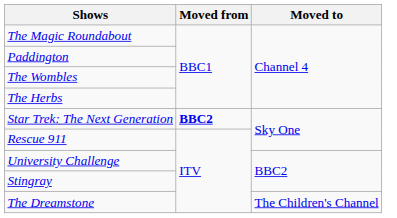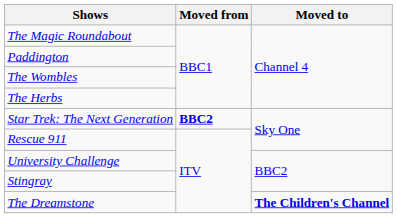 <table class="wikitable">
 <tr>
 <th>Shows</th>
 <th>Moved from</th>
 <th>Moved to</th>
 </tr>
 <tr>
 <td><em><a href='#'>The Magic Roundabout</a></em></td>
 <td rowspan=4><a href='#'>BBC1</a></td>
 <td rowspan=4><a href='#'>Channel 4</a></td>
 </tr>
 <tr>
 <td><em><a href='#'>Paddington</a></em></td>
 </tr>
 <tr>
 <td><em><a href='#'>The Wombles</a></em></td>
 </tr>
 <tr>
 <td><em><a href='#'>The Herbs</a></em></td>
 </tr>
 <tr>
 <td><em><a href='#'>Star Trek: The Next Generation</a></em></td>
 <td><strong><a href='#'>BBC2</a></strong></td>
 <td rowspan=2><a href='#'>Sky One</a></td>
 </tr>
 <tr>
 <td><em><a href='#'>Rescue 911</a></em></td>
 <td rowspan=4><a href='#'>ITV</a></td>
 </tr>
 <tr>
 <td><em><a href='#'>University Challenge</a></em></td>
 <td rowspan=2><a href='#'>BBC2</a></td>
 </tr>
 <tr>
 <td><em><a href='#'>Stingray</a></em></td>
 </tr>
 <tr>
 <td><em><a href='#'>The Dreamstone</a></em></td>
-<td><a href='#'>The Children's Channel</a></td>
+<td><strong><a href='#'>The Children's Channel</a></strong></td>
 </tr>
 </table>
